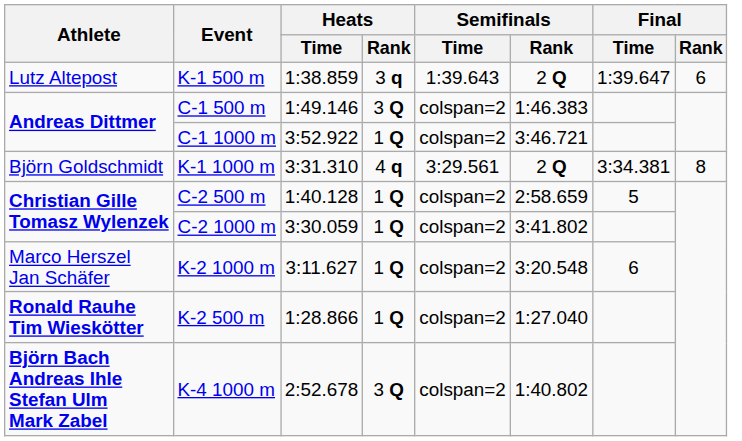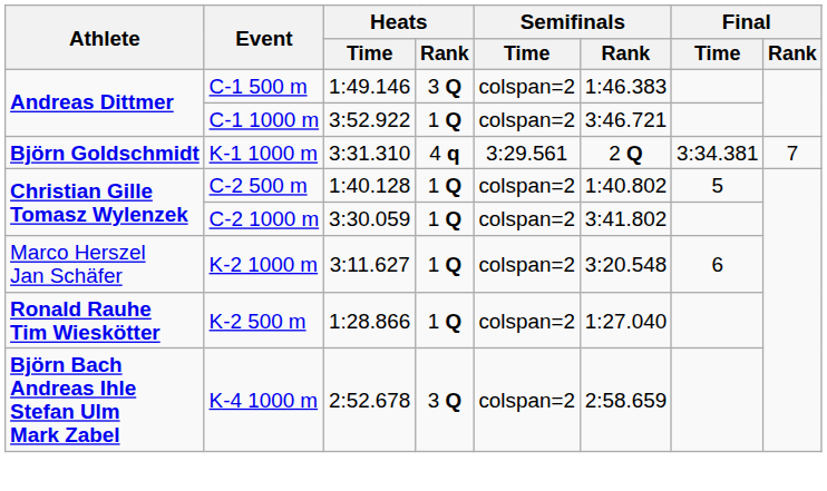 <table class="wikitable" style="font-size:90%">
 <tr>
 <th rowspan=2>Athlete</th>
 <th rowspan=2>Event</th>
 <th colspan=2>Heats</th>
 <th colspan=2>Semifinals</th>
 <th colspan=2>Final</th>
 </tr>
 <tr style="font-size:95%">
 <th>Time</th>
 <th>Rank</th>
 <th>Time</th>
 <th>Rank</th>
 <th>Time</th>
 <th>Rank</th>
-</tr>
-<tr align=center>
-<td align=left><a href='#'>Lutz Altepost</a></td>
-<td align=left><a href='#'>K-1 500 m</a></td>
-<td>1:38.859</td>
-<td>3 <strong>q</strong></td>
-<td>1:39.643</td>
-<td>2 <strong>Q</strong></td>
-<td>1:39.647</td>
-<td>6</td>
 </tr>
 <tr align=center>
 <td align=left rowspan=2><strong><a href='#'>Andreas Dittmer</a></strong></td>
 <td align=left><a href='#'>C-1 500 m</a></td>
 <td>1:49.146</td>
 <td>3 <strong>Q</strong></td>
 <td>colspan=2 </td>
 <td>1:46.383</td>
 <td></td>
 </tr>
 <tr align=center>
 <td align=left><a href='#'>C-1 1000 m</a></td>
 <td>3:52.922</td>
 <td>1 <strong>Q</strong></td>
 <td>colspan=2 </td>
 <td>3:46.721</td>
 <td></td>
 </tr>
 <tr align=center>
-<td align=left><a href='#'>Björn Goldschmidt</a></td>
+<td align=left><strong><a href='#'>Björn Goldschmidt</a></strong></td>
 <td align=left><a href='#'>K-1 1000 m</a></td>
 <td>3:31.310</td>
 <td>4 <strong>q</strong></td>
 <td>3:29.561</td>
 <td>2 <strong>Q</strong></td>
 <td>3:34.381</td>
-<td>8</td>
+<td>7</td>
 </tr>
 <tr align=center>
 <td align=left rowspan=2><strong><a href='#'>Christian Gille</a><br><a href='#'>Tomasz Wylenzek</a></strong></td>
 <td align=left><a href='#'>C-2 500 m</a></td>
 <td>1:40.128</td>
 <td>1 <strong>Q</strong></td>
 <td>colspan=2 </td>
-<td>2:58.659</td>
+<td>1:40.802</td>
 <td>5</td>
 </tr>
 <tr align=center>
 <td align=left><a href='#'>C-2 1000 m</a></td>
 <td>3:30.059</td>
 <td>1 <strong>Q</strong></td>
 <td>colspan=2 </td>
 <td>3:41.802</td>
 <td></td>
 </tr>
 <tr align=center>
 <td align=left><a href='#'>Marco Herszel</a><br><a href='#'>Jan Schäfer</a></td>
 <td align=left><a href='#'>K-2 1000 m</a></td>
 <td>3:11.627</td>
 <td>1 <strong>Q</strong></td>
 <td>colspan=2 </td>
 <td>3:20.548</td>
 <td>6</td>
 </tr>
 <tr align=center>
 <td align=left><strong><a href='#'>Ronald Rauhe</a><br><a href='#'>Tim Wieskötter</a></strong></td>
 <td align=left><a href='#'>K-2 500 m</a></td>
 <td>1:28.866</td>
 <td>1 <strong>Q</strong></td>
 <td>colspan=2 </td>
 <td>1:27.040</td>
 <td></td>
 </tr>
 <tr align=center>
 <td align=left><strong><a href='#'>Björn Bach</a><br><a href='#'>Andreas Ihle</a><br><a href='#'>Stefan Ulm</a><br><a href='#'>Mark Zabel</a></strong></td>
 <td align=left><a href='#'>K-4 1000 m</a></td>
 <td>2:52.678</td>
 <td>3 <strong>Q</strong></td>
 <td>colspan=2 </td>
-<td>1:40.802</td>
+<td>2:58.659</td>
 <td></td>
 </tr>
 </table>
